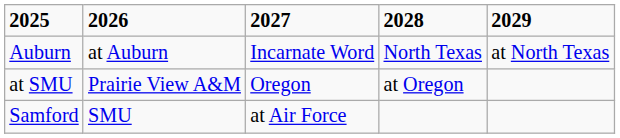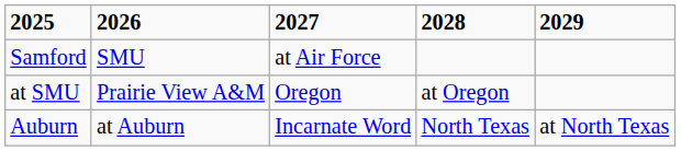 <table class="wikitable">
 <tr>
 <td><strong>2025</strong></td>
 <td><strong>2026</strong></td>
 <td><strong>2027</strong></td>
 <td><strong>2028</strong></td>
 <td><strong>2029</strong></td>
 </tr>
 <tr>
-<td><a href='#'>Auburn</a></td>
-<td>at <a href='#'>Auburn</a></td>
-<td><a href='#'>Incarnate Word</a></td>
-<td><a href='#'>North Texas</a></td>
-<td>at <a href='#'>North Texas</a></td>
+<td><a href='#'>Samford</a></td>
+<td><a href='#'>SMU</a></td>
+<td>at <a href='#'>Air Force</a></td>
+<td></td>
+<td></td>
 </tr>
 <tr>
 <td>at <a href='#'>SMU</a></td>
 <td><a href='#'>Prairie View A&M</a></td>
 <td><a href='#'>Oregon</a></td>
 <td>at <a href='#'>Oregon</a></td>
 <td></td>
 </tr>
 <tr>
-<td><a href='#'>Samford</a></td>
-<td><a href='#'>SMU</a></td>
-<td>at <a href='#'>Air Force</a></td>
-<td></td>
-<td></td>
+<td><a href='#'>Auburn</a></td>
+<td>at <a href='#'>Auburn</a></td>
+<td><a href='#'>Incarnate Word</a></td>
+<td><a href='#'>North Texas</a></td>
+<td>at <a href='#'>North Texas</a></td>
 </tr>
 </table>
